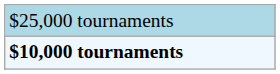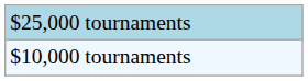 <table class="wikitable" style="font-size:85%;" width=12%>
 <tr bgcolor="lightblue">
 <td>$25,000 tournaments</td>
 </tr>
 <tr bgcolor="#f0f8ff">
-<td><strong>$10,000 tournaments</strong></td>
+<td>$10,000 tournaments</td>
 </tr>
 </table>
